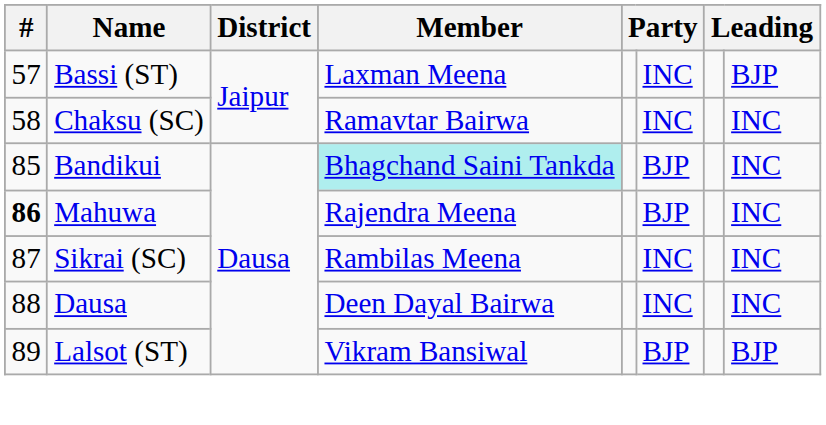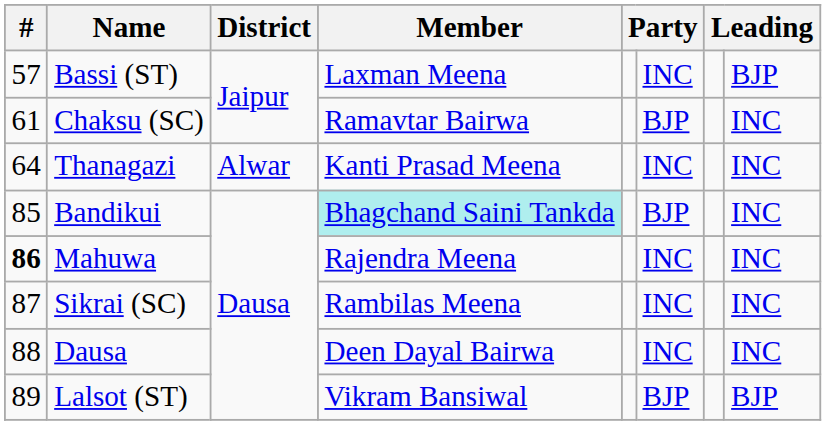 <table class="wikitable">
 <tr>
 <th>#</th>
 <th>Name</th>
 <th>District</th>
 <th>Member</th>
 <th colspan="2">Party</th>
 <th colspan="2">Leading<br></th>
 </tr>
 <tr>
 <td>57</td>
 <td><a href='#'>Bassi</a> (ST)</td>
 <td rowspan="2"><a href='#'>Jaipur</a></td>
 <td><a href='#'>Laxman Meena</a></td>
 <td style="background-color: "></td>
 <td><a href='#'>INC</a></td>
 <td style="background-color: "></td>
 <td><a href='#'>BJP</a></td>
 </tr>
 <tr>
-<td>58</td>
+<td>61</td>
 <td><a href='#'>Chaksu</a> (SC)</td>
 <td><a href='#'>Ramavtar Bairwa</a></td>
+<td style="background-color: "></td>
+<td><a href='#'>BJP</a></td>
+<td style="background-color: "></td>
+<td><a href='#'>INC</a></td>
+</tr>
+<tr>
+<td>64</td>
+<td><a href='#'>Thanagazi</a></td>
+<td><a href='#'>Alwar</a></td>
+<td><a href='#'>Kanti Prasad Meena</a></td>
 <td style="background-color: "></td>
 <td><a href='#'>INC</a></td>
 <td style="background-color: "></td>
 <td><a href='#'>INC</a></td>
 </tr>
 <tr>
 <td>85</td>
 <td><a href='#'>Bandikui</a></td>
 <td rowspan="5"><a href='#'>Dausa</a></td>
 <td style="background: paleturquoise;"><a href='#'>Bhagchand Saini Tankda</a></td>
 <td style="background-color: "></td>
 <td><a href='#'>BJP</a></td>
 <td style="background-color: "></td>
 <td><a href='#'>INC</a></td>
 </tr>
 <tr>
 <td><strong>86</strong></td>
 <td><a href='#'>Mahuwa</a></td>
 <td><a href='#'>Rajendra Meena</a></td>
 <td style="background-color: "></td>
-<td><a href='#'>BJP</a></td>
+<td><a href='#'>INC</a></td>
 <td style="background-color: "></td>
 <td><a href='#'>INC</a></td>
 </tr>
 <tr>
 <td>87</td>
 <td><a href='#'>Sikrai</a> (SC)</td>
 <td><a href='#'>Rambilas Meena</a></td>
 <td style="background-color: "></td>
 <td><a href='#'>INC</a></td>
 <td style="background-color: "></td>
 <td><a href='#'>INC</a></td>
 </tr>
 <tr>
 <td>88</td>
 <td><a href='#'>Dausa</a></td>
 <td><a href='#'>Deen Dayal Bairwa</a></td>
 <td style="background-color: "></td>
 <td><a href='#'>INC</a></td>
 <td style="background-color: "></td>
 <td><a href='#'>INC</a></td>
 </tr>
 <tr>
 <td>89</td>
 <td><a href='#'>Lalsot</a> (ST)</td>
 <td><a href='#'>Vikram Bansiwal</a></td>
 <td style="background-color: "></td>
 <td><a href='#'>BJP</a></td>
 <td style="background-color: "></td>
 <td><a href='#'>BJP</a></td>
 </tr>
 </table>
